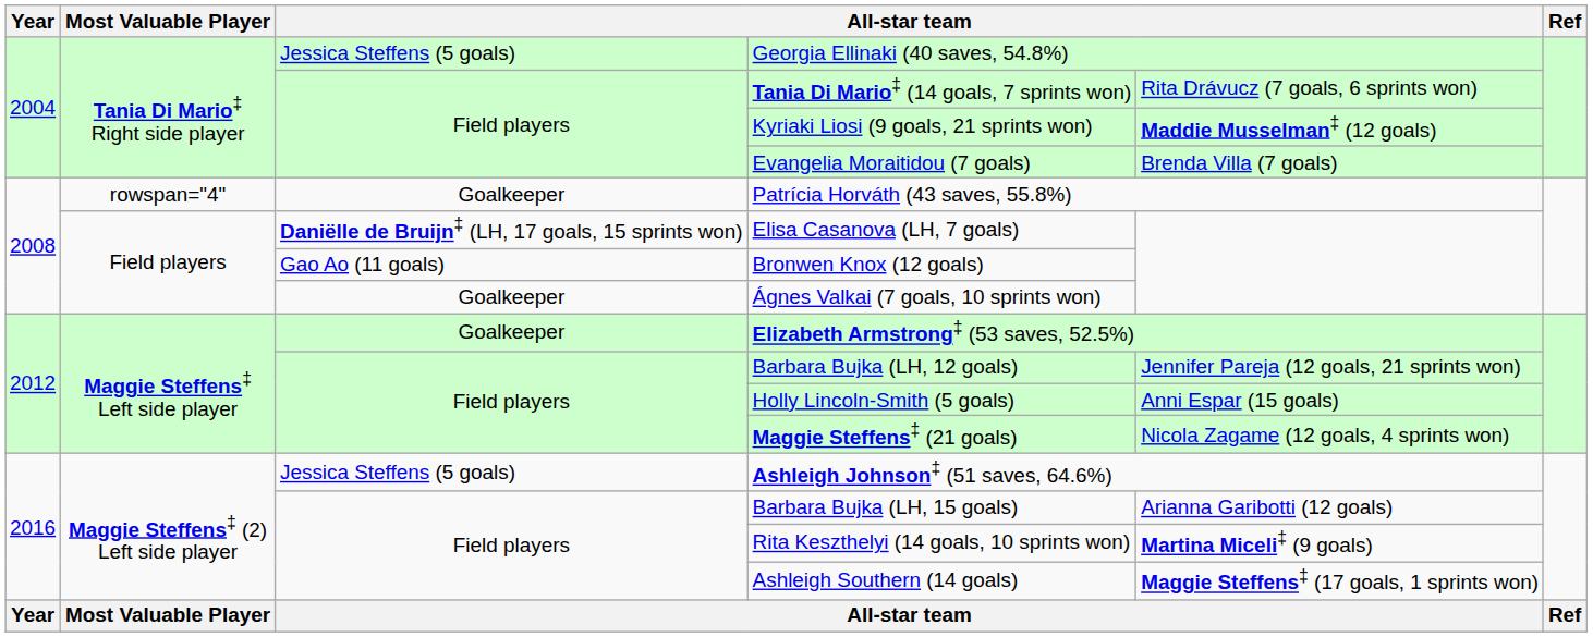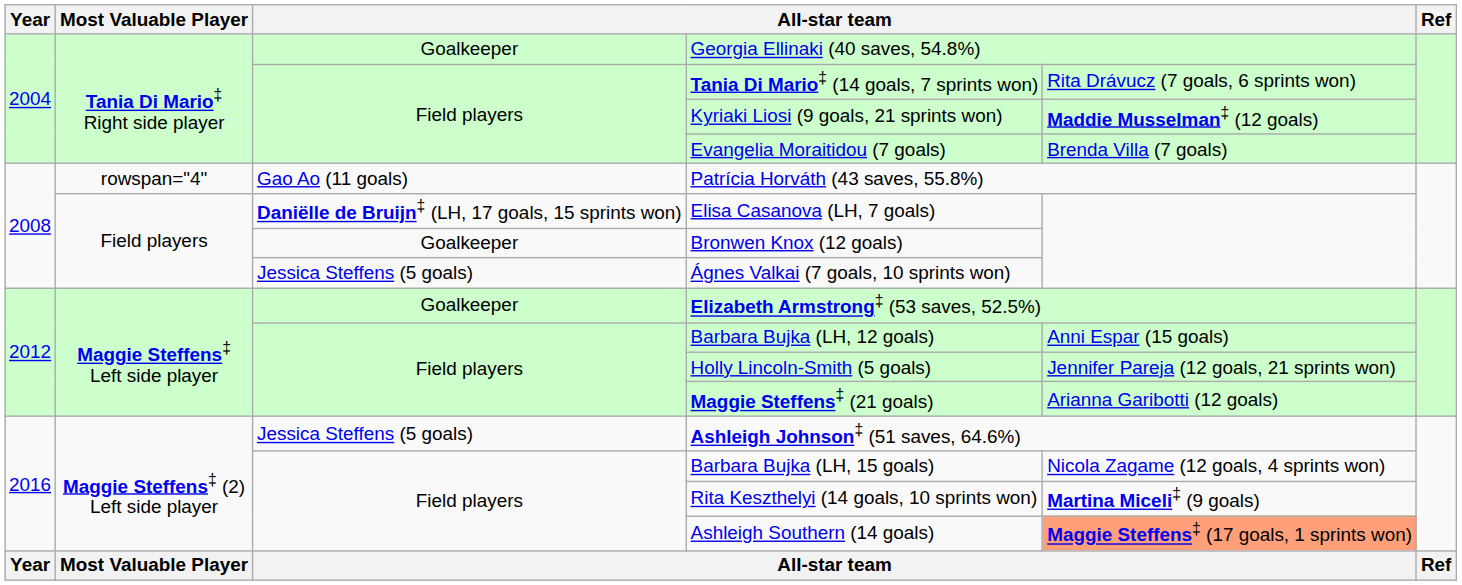 <table class="wikitable" style="text-align: center; font-size: 85%; margin-left: 1em;">
 <tr>
 <th>Year</th>
 <th>Most Valuable Player</th>
 <th colspan="3">All-star team</th>
 <th>Ref</th>
 </tr>
 <tr style="background-color: #ccffcc;">
 <td rowspan="4"><a href='#'>2004</a></td>
 <td rowspan="4"><strong></strong><br><strong><a href='#'>Tania Di Mario</a></strong><sup>‡</sup><br>Right side player<br></td>
-<td style="text-align: left;"> <a href='#'>Jessica Steffens</a> (5 goals)</td>
+<td>Goalkeeper</td>
 <td colspan="2" style="text-align: left;"> <a href='#'>Georgia Ellinaki</a> (40 saves, 54.8%)</td>
 <td rowspan="4"></td>
 </tr>
 <tr style="background-color: #ccffcc;">
 <td rowspan="3">Field players</td>
 <td style="text-align: left;"> <strong><a href='#'>Tania Di Mario</a></strong><sup>‡</sup> (14 goals, 7 sprints won)</td>
 <td style="text-align: left;"> <a href='#'>Rita Drávucz</a> (7 goals, 6 sprints won)</td>
 </tr>
 <tr style="background-color: #ccffcc;">
 <td style="text-align: left;"> <a href='#'>Kyriaki Liosi</a> (9 goals, 21 sprints won)</td>
 <td style="text-align: left;"> <strong><a href='#'>Maddie Musselman</a></strong><sup>‡</sup> (12 goals)</td>
 </tr>
 <tr style="background-color: #ccffcc;">
 <td style="text-align: left;"> <a href='#'>Evangelia Moraitidou</a> (7 goals)</td>
 <td style="text-align: left;"> <a href='#'>Brenda Villa</a> (7 goals)</td>
 </tr>
 <tr>
 <td rowspan="4"><a href='#'>2008</a></td>
 <td>rowspan="4" </td>
-<td>Goalkeeper</td>
+<td style="text-align: left;"> <a href='#'>Gao Ao</a> (11 goals)</td>
 <td colspan="2" style="text-align: left;"> <a href='#'>Patrícia Horváth</a> (43 saves, 55.8%)</td>
 <td rowspan="4"></td>
 </tr>
 <tr>
 <td rowspan="3">Field players</td>
 <td style="text-align: left;"> <strong><a href='#'>Daniëlle de Bruijn</a></strong><sup>‡</sup> (LH, 17 goals, 15 sprints won)</td>
 <td style="text-align: left;"> <a href='#'>Elisa Casanova</a> (LH, 7 goals)</td>
 </tr>
 <tr>
-<td style="text-align: left;"> <a href='#'>Gao Ao</a> (11 goals)</td>
+<td>Goalkeeper</td>
 <td style="text-align: left;"> <a href='#'>Bronwen Knox</a> (12 goals)</td>
 </tr>
 <tr>
-<td>Goalkeeper</td>
+<td style="text-align: left;"> <a href='#'>Jessica Steffens</a> (5 goals)</td>
 <td style="text-align: left;"> <a href='#'>Ágnes Valkai</a> (7 goals, 10 sprints won)</td>
 </tr>
 <tr style="background-color: #ccffcc;">
 <td rowspan="4"><a href='#'>2012</a></td>
 <td rowspan="4"><strong></strong><br><strong><a href='#'>Maggie Steffens</a></strong><sup>‡</sup><br>Left side player<br></td>
 <td>Goalkeeper</td>
 <td colspan="2" style="text-align: left;"> <strong><a href='#'>Elizabeth Armstrong</a></strong><sup>‡</sup> (53 saves, 52.5%)</td>
 <td rowspan="4"><br></td>
 </tr>
 <tr style="background-color: #ccffcc;">
 <td rowspan="3">Field players</td>
 <td style="text-align: left;"> <a href='#'>Barbara Bujka</a> (LH, 12 goals)</td>
+<td style="text-align: left;"> <a href='#'>Anni Espar</a> (15 goals)</td>
+</tr>
+<tr style="background-color: #ccffcc;">
+<td style="text-align: left;"> <a href='#'>Holly Lincoln-Smith</a> (5 goals)</td>
 <td style="text-align: left;"> <a href='#'>Jennifer Pareja</a> (12 goals, 21 sprints won)</td>
 </tr>
 <tr style="background-color: #ccffcc;">
-<td style="text-align: left;"> <a href='#'>Holly Lincoln-Smith</a> (5 goals)</td>
-<td style="text-align: left;"> <a href='#'>Anni Espar</a> (15 goals)</td>
-</tr>
-<tr style="background-color: #ccffcc;">
 <td style="text-align: left;"> <strong><a href='#'>Maggie Steffens</a></strong><sup>‡</sup> (21 goals)</td>
-<td style="text-align: left;"> <a href='#'>Nicola Zagame</a> (12 goals, 4 sprints won)</td>
+<td style="text-align: left;"> <a href='#'>Arianna Garibotti</a> (12 goals)</td>
 </tr>
 <tr>
 <td rowspan="4"><a href='#'>2016</a></td>
 <td rowspan="4"><strong></strong><br><strong><a href='#'>Maggie Steffens</a></strong><sup>‡</sup> (2)<br>Left side player<br></td>
 <td style="text-align: left;"> <a href='#'>Jessica Steffens</a> (5 goals)</td>
 <td colspan="2" style="text-align: left;"> <strong><a href='#'>Ashleigh Johnson</a></strong><sup>‡</sup> (51 saves, 64.6%)</td>
 <td rowspan="4"></td>
 </tr>
 <tr>
 <td rowspan="3">Field players</td>
 <td style="text-align: left;"> <a href='#'>Barbara Bujka</a> (LH, 15 goals)</td>
-<td style="text-align: left;"> <a href='#'>Arianna Garibotti</a> (12 goals)</td>
+<td style="text-align: left;"> <a href='#'>Nicola Zagame</a> (12 goals, 4 sprints won)</td>
 </tr>
 <tr>
 <td style="text-align: left;"> <a href='#'>Rita Keszthelyi</a> (14 goals, 10 sprints won)</td>
 <td style="text-align: left;"> <strong><a href='#'>Martina Miceli</a></strong><sup>‡</sup> (9 goals)</td>
 </tr>
 <tr>
 <td style="text-align: left;"> <a href='#'>Ashleigh Southern</a> (14 goals)</td>
-<td style="text-align: left;"> <strong><a href='#'>Maggie Steffens</a></strong><sup>‡</sup> (17 goals, 1 sprints won)</td>
+<td style="background: lightsalmon; text-align: left;"> <strong><a href='#'>Maggie Steffens</a></strong><sup>‡</sup> (17 goals, 1 sprints won)</td>
 </tr>
 <tr>
 <th>Year</th>
 <th>Most Valuable Player</th>
 <th colspan="3">All-star team</th>
 <th>Ref</th>
 </tr>
 </table>
